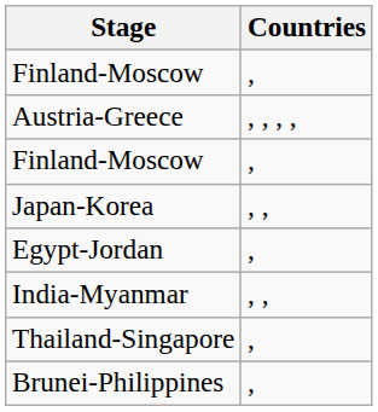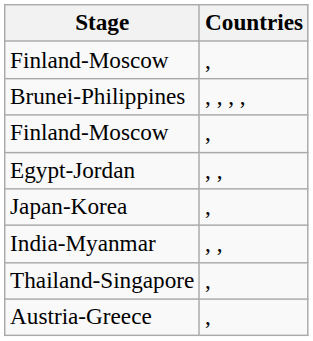 <table class="wikitable">
 <tr>
 <th>Stage</th>
 <th>Countries</th>
 </tr>
 <tr>
 <td>Finland-Moscow</td>
 <td>, </td>
 </tr>
 <tr>
-<td>Austria-Greece</td>
+<td>Brunei-Philippines</td>
 <td>, , , , </td>
 </tr>
 <tr>
 <td>Finland-Moscow</td>
 <td>, </td>
 </tr>
 <tr>
-<td>Japan-Korea</td>
+<td>Egypt-Jordan</td>
 <td>, , </td>
 </tr>
 <tr>
-<td>Egypt-Jordan</td>
+<td>Japan-Korea</td>
 <td>, </td>
 </tr>
 <tr>
 <td>India-Myanmar</td>
 <td>, , </td>
 </tr>
 <tr>
 <td>Thailand-Singapore</td>
 <td>, </td>
 </tr>
 <tr>
-<td>Brunei-Philippines</td>
+<td>Austria-Greece</td>
 <td>, </td>
 </tr>
 </table>
